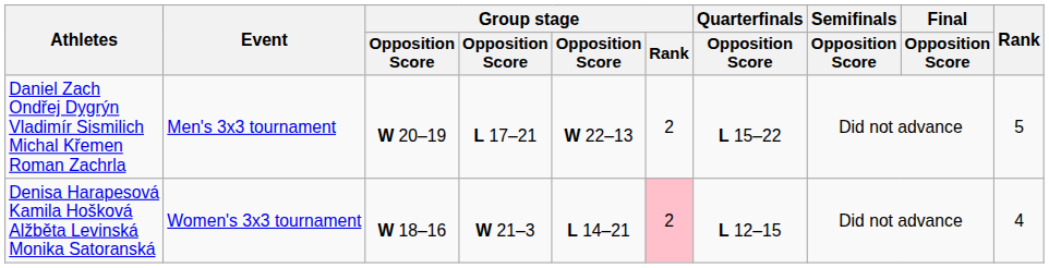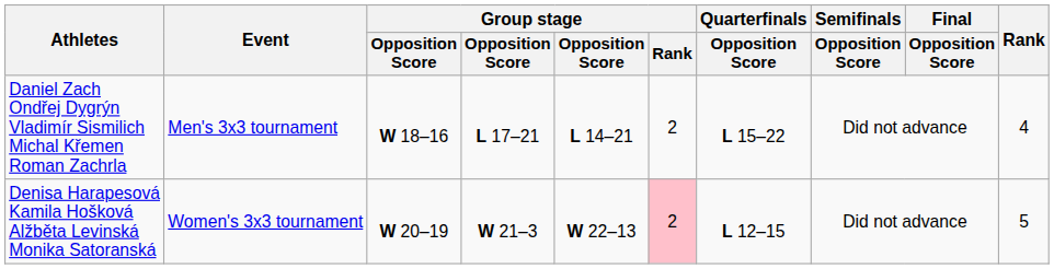 <table class="wikitable" style="font-size:90%">
 <tr>
 <th rowspan="2">Athletes</th>
 <th rowspan="2">Event</th>
 <th colspan="4">Group stage</th>
 <th>Quarterfinals</th>
 <th>Semifinals</th>
 <th>Final</th>
 <th rowspan="2">Rank</th>
 </tr>
 <tr style="font-size:95%">
 <th>Opposition<br>Score</th>
 <th>Opposition<br>Score</th>
 <th>Opposition<br>Score</th>
 <th>Rank</th>
 <th>Opposition<br>Score</th>
 <th>Opposition<br>Score</th>
 <th>Opposition<br>Score</th>
 </tr>
 <tr align="center">
 <td align="left"><a href='#'>Daniel Zach</a><br><a href='#'>Ondřej Dygrýn</a><br><a href='#'>Vladimír Sismilich</a><br><a href='#'>Michal Křemen</a><br><a href='#'>Roman Zachrla</a></td>
 <td align="left"><a href='#'>Men's 3x3 tournament</a></td>
-<td><br><strong>W</strong> 20–19</td>
+<td><br><strong>W</strong> 18–16</td>
 <td><br><strong>L</strong> 17–21</td>
-<td><br><strong>W</strong> 22–13</td>
+<td><br><strong>L</strong> 14–21</td>
 <td>2</td>
 <td><br><strong>L</strong> 15–22</td>
 <td colspan="2">Did not advance</td>
-<td>5</td>
+<td>4</td>
 </tr>
 <tr align="center">
 <td align="left"><a href='#'>Denisa Harapesová</a><br><a href='#'>Kamila Hošková</a><br><a href='#'>Alžběta Levinská</a><br><a href='#'>Monika Satoranská</a></td>
 <td align="left"><a href='#'>Women's 3x3 tournament</a></td>
-<td><br><strong>W</strong> 18–16</td>
+<td><br><strong>W</strong> 20–19</td>
 <td><br><strong>W</strong> 21–3</td>
-<td><br><strong>L</strong> 14–21</td>
+<td><br><strong>W</strong> 22–13</td>
 <td style="background: pink;">2</td>
 <td><br><strong>L</strong> 12–15</td>
 <td colspan="2">Did not advance</td>
-<td>4</td>
+<td>5</td>
 </tr>
 </table>
